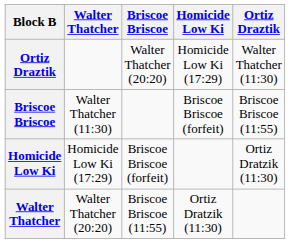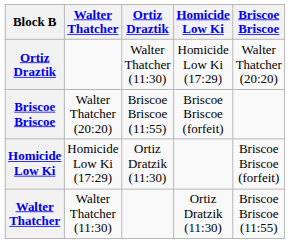 <table class="wikitable" style="text-align:center; margin: 1em auto 1em auto">
 <tr>
 <th>Block B</th>
 <th><a href='#'>Walter</a><br><a href='#'>Thatcher</a></th>
+<th><a href='#'>Ortiz</a><br><a href='#'>Draztik</a></th>
+<th><a href='#'>Homicide</a><br><a href='#'>Low Ki</a></th>
 <th><a href='#'>Briscoe</a><br><a href='#'>Briscoe</a></th>
-<th><a href='#'>Homicide</a><br><a href='#'>Low Ki</a></th>
-<th><a href='#'>Ortiz</a><br><a href='#'>Draztik</a></th>
 </tr>
 <tr>
 <th><a href='#'>Ortiz</a><br><a href='#'>Draztik</a></th>
 <td></td>
+<td>Walter<br>Thatcher<br>(11:30)</td>
+<td>Homicide<br>Low Ki<br>(17:29)</td>
 <td>Walter<br>Thatcher<br>(20:20)</td>
-<td>Homicide<br>Low Ki<br>(17:29)</td>
-<td>Walter<br>Thatcher<br>(11:30)</td>
 </tr>
 <tr>
 <th><a href='#'>Briscoe</a><br><a href='#'>Briscoe</a></th>
-<td>Walter<br>Thatcher<br>(11:30)</td>
+<td>Walter<br>Thatcher<br>(20:20)</td>
+<td>Briscoe<br>Briscoe<br>(11:55)</td>
+<td>Briscoe<br>Briscoe<br>(forfeit)</td>
 <td></td>
-<td>Briscoe<br>Briscoe<br>(forfeit)</td>
-<td>Briscoe<br>Briscoe<br>(11:55)</td>
 </tr>
 <tr>
 <th><a href='#'>Homicide</a><br><a href='#'>Low Ki</a></th>
 <td>Homicide<br>Low Ki<br>(17:29)</td>
+<td>Ortiz<br>Dratzik<br>(11:30)</td>
+<td></td>
 <td>Briscoe<br>Briscoe<br>(forfeit)</td>
-<td></td>
-<td>Ortiz<br>Dratzik<br>(11:30)</td>
 </tr>
 <tr>
 <th><a href='#'>Walter</a><br><a href='#'>Thatcher</a></th>
-<td>Walter<br>Thatcher<br>(20:20)</td>
+<td>Walter<br>Thatcher<br>(11:30)</td>
+<td></td>
+<td>Ortiz<br>Dratzik<br>(11:30)</td>
 <td>Briscoe<br>Briscoe<br>(11:55)</td>
-<td>Ortiz<br>Dratzik<br>(11:30)</td>
-<td></td>
 </tr>
 </table>
